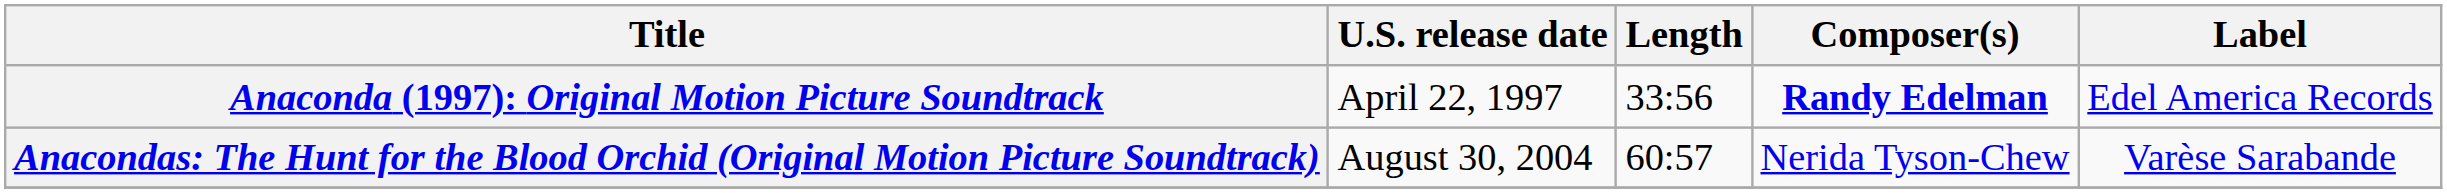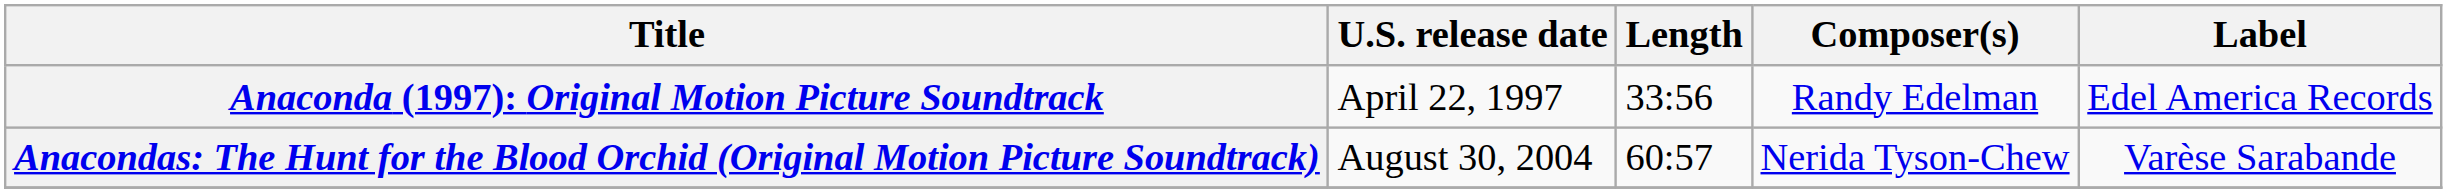 <table class="wikitable plainrowheaders" style="text-align:center;">
 <tr>
 <th>Title</th>
 <th>U.S. release date</th>
 <th>Length</th>
 <th>Composer(s)</th>
 <th>Label</th>
 </tr>
 <tr>
 <th scope="row"><a href='#'><em>Anaconda</em> (1997): <em>Original Motion Picture Soundtrack</em></a></th>
 <td style="text-align:left">April 22, 1997</td>
 <td style="text-align:left">33:56</td>
-<td><strong><a href='#'>Randy Edelman</a></strong></td>
+<td><a href='#'>Randy Edelman</a></td>
 <td><a href='#'>Edel America Records</a></td>
 </tr>
 <tr>
 <th scope="row"><em><a href='#'>Anacondas: The Hunt for the Blood Orchid (Original Motion Picture Soundtrack)</a></em></th>
 <td style="text-align:left">August 30, 2004</td>
 <td style="text-align:left">60:57</td>
 <td><a href='#'>Nerida Tyson-Chew</a></td>
 <td><a href='#'>Varèse Sarabande</a></td>
 </tr>
 <tr>
 </tr>
 </table>
